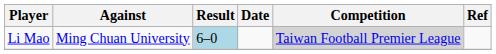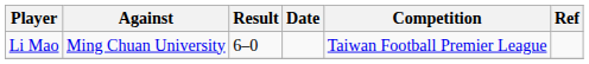 <table class="wikitable">
 <tr>
 <th>Player</th>
 <th>Against</th>
 <th>Result</th>
 <th>Date</th>
 <th>Competition</th>
 <th>Ref</th>
 </tr>
 <tr>
 <td> <a href='#'>Li Mao</a></td>
 <td><a href='#'>Ming Chuan University</a></td>
-<td style="background: lightblue;">6–0</td>
+<td>6–0</td>
 <td></td>
-<td style="background: lightgrey;"><a href='#'>Taiwan Football Premier League</a></td>
+<td><a href='#'>Taiwan Football Premier League</a></td>
 <td></td>
 </tr>
 <tr>
 </tr>
 </table>
